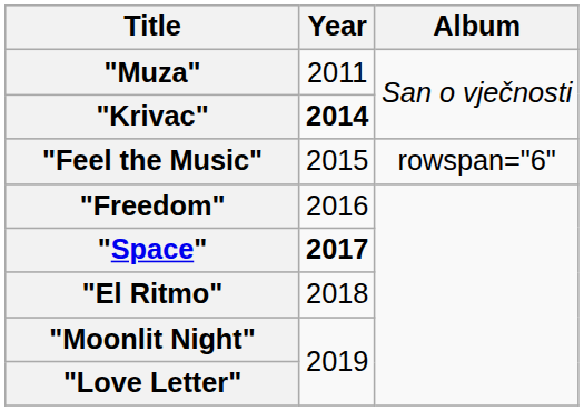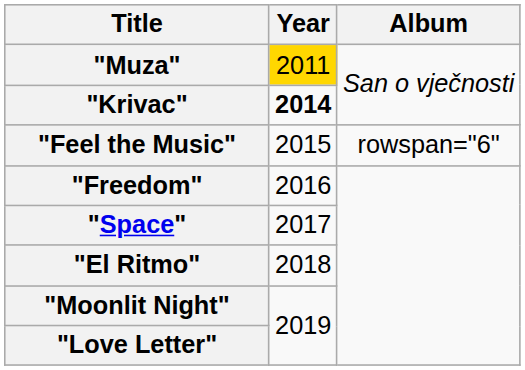 <table class="wikitable plainrowheaders" style="text-align:center;">
 <tr>
 <th scope="col" style="width:10em;">Title</th>
 <th scope="col" style="width:1em;">Year</th>
 <th scope="col">Album</th>
 </tr>
 <tr>
 <th scope="row">"Muza"</th>
-<td>2011</td>
+<td style="background: gold;">2011</td>
 <td rowspan="2"><em>San o vječnosti</em></td>
 </tr>
 <tr>
 <th scope="row">"Krivac"</th>
 <td><strong>2014</strong></td>
 </tr>
 <tr>
 <th scope="row">"Feel the Music"</th>
 <td>2015</td>
 <td>rowspan="6" </td>
 </tr>
 <tr>
 <th scope="row">"Freedom"</th>
 <td>2016</td>
 </tr>
 <tr>
 <th scope="row">"<a href='#'>Space</a>"</th>
-<td><strong>2017</strong></td>
+<td>2017</td>
 </tr>
 <tr>
 <th scope="row">"El Ritmo"</th>
 <td>2018</td>
 </tr>
 <tr>
 <th scope="row">"Moonlit Night"</th>
 <td rowspan=2>2019</td>
 </tr>
 <tr>
 <th scope="row">"Love Letter"</th>
 </tr>
 </table>
